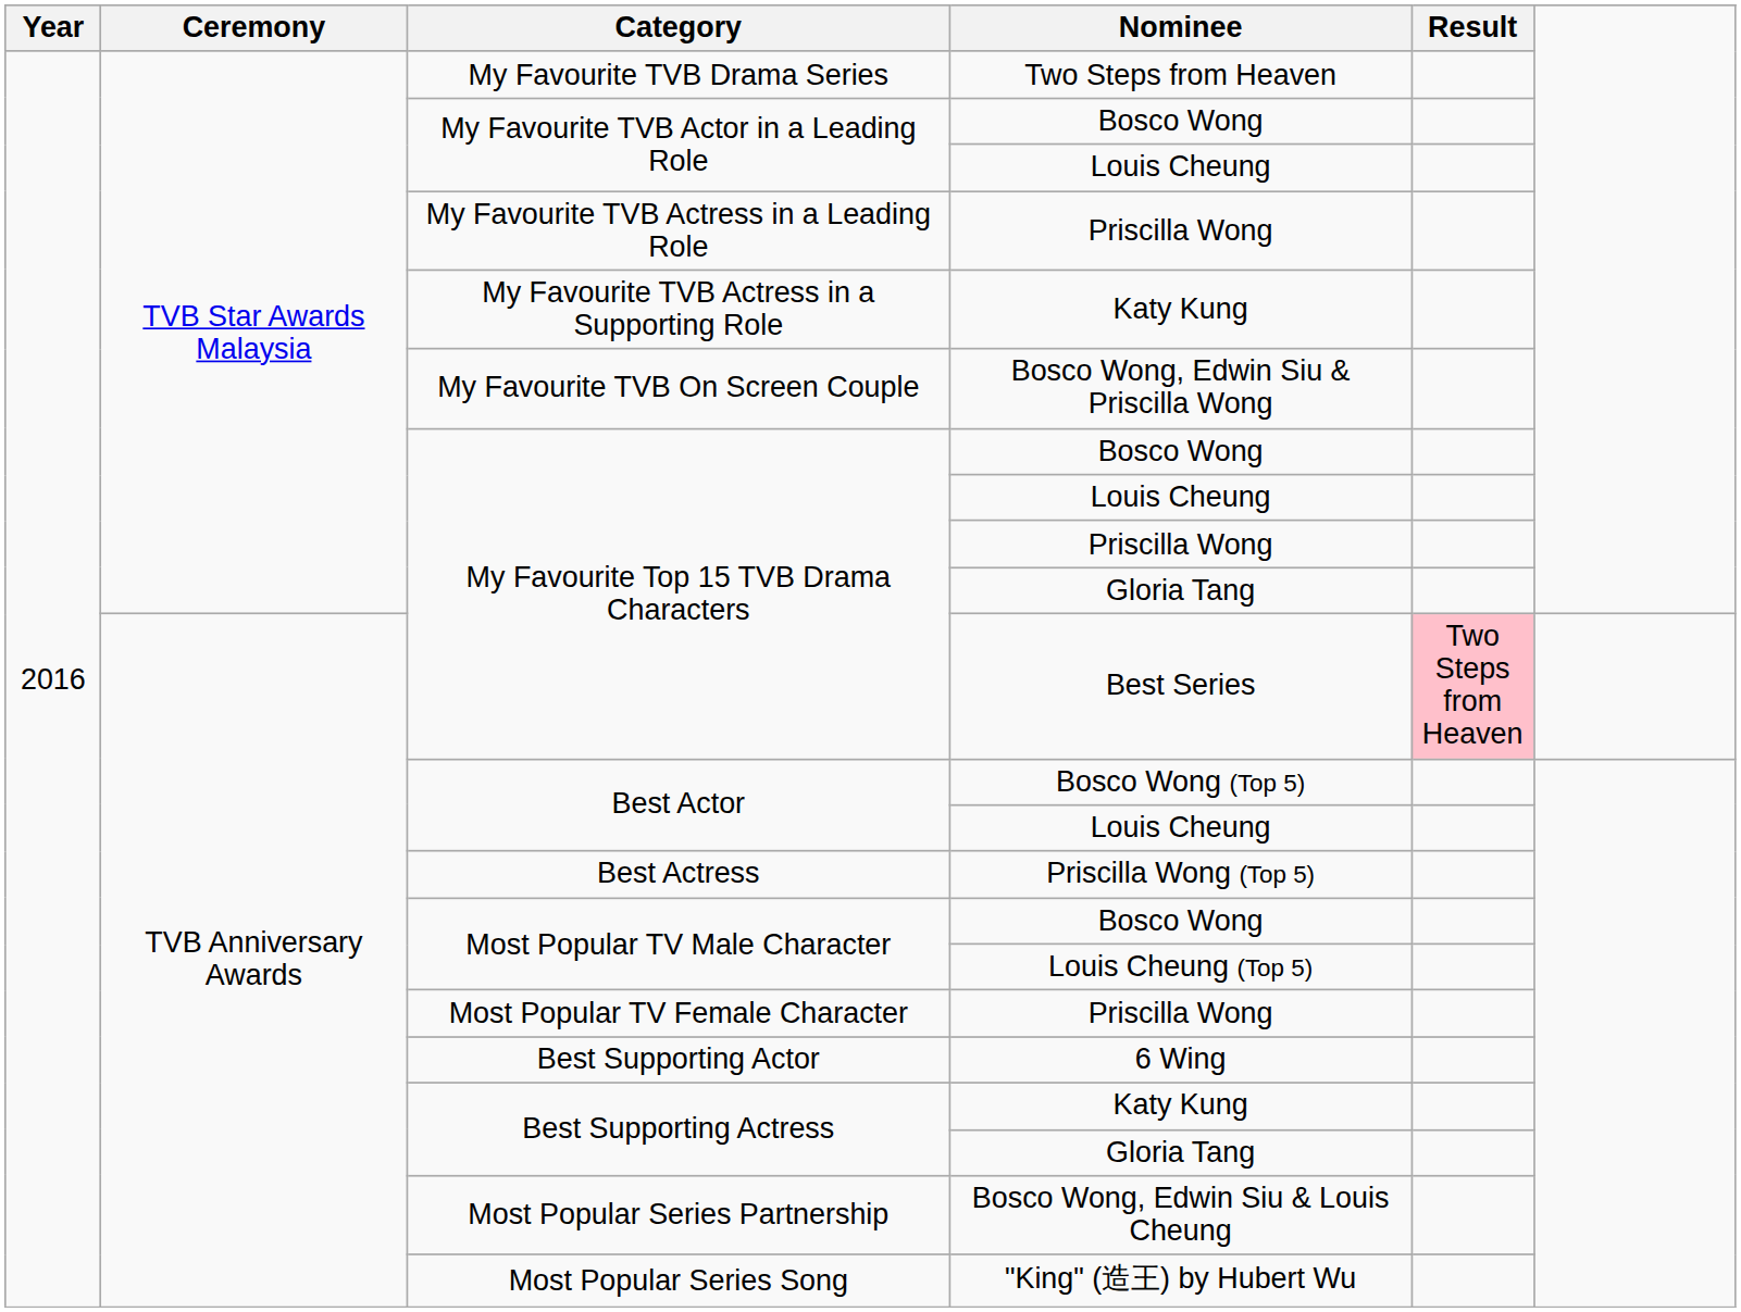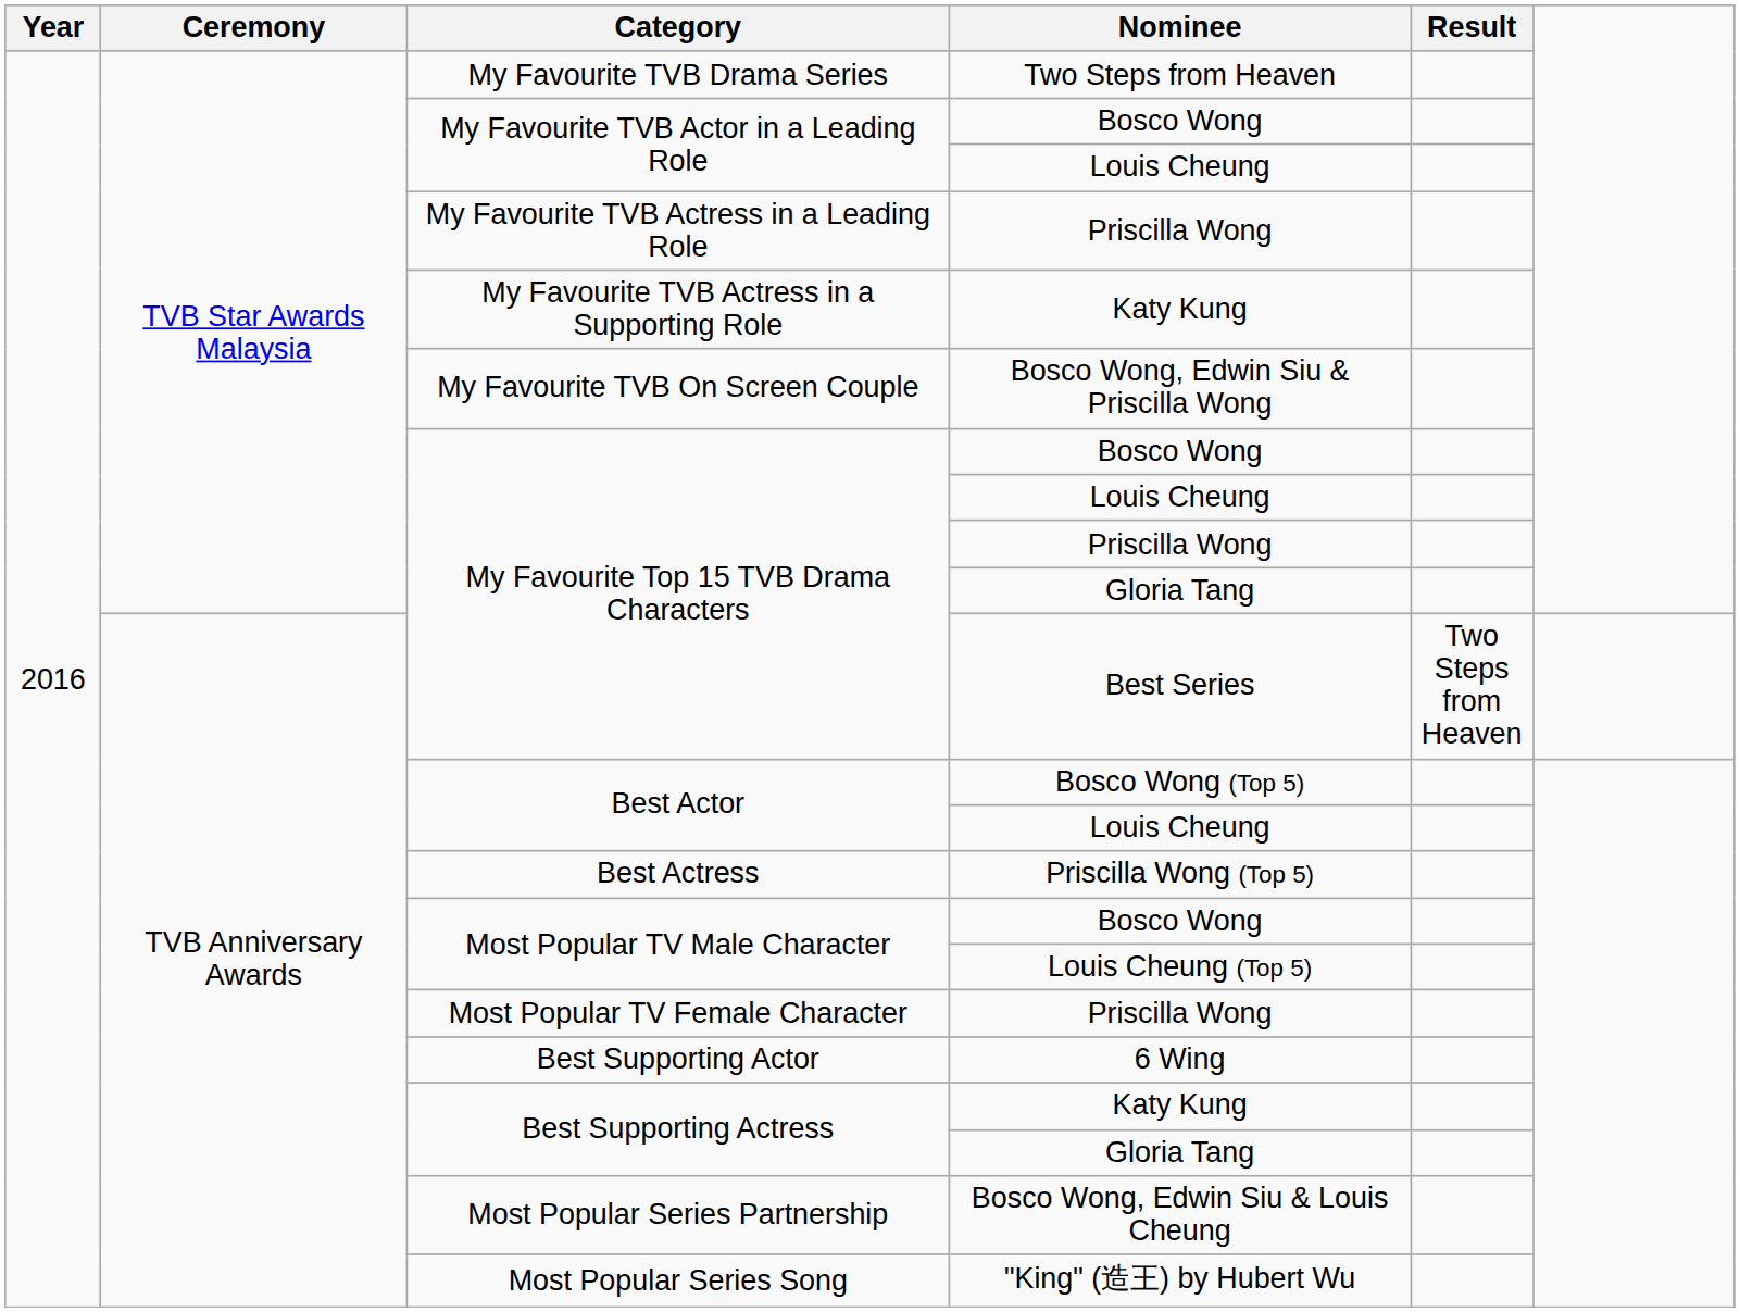 <table class="wikitable" style="width:75%;">
 <tr>
 <th style="width:45px;">Year</th>
 <th style="width:160px;">Ceremony</th>
 <th style="width:290px;">Category</th>
 <th style="width:245px;">Nominee</th>
 <th style="width:60px;">Result</th>
 </tr>
 <tr>
 <td align="center" rowspan=31>2016</td>
 <td align="center" rowspan=10><a href='#'>TVB Star Awards Malaysia</a></td>
 <td align="center">My Favourite TVB Drama Series</td>
 <td align="center">Two Steps from Heaven</td>
 <td></td>
 </tr>
 <tr>
 <td rowspan=2 align="center">My Favourite TVB Actor in a Leading Role</td>
 <td align="center">Bosco Wong</td>
 <td></td>
 </tr>
 <tr>
 <td align="center">Louis Cheung</td>
 <td></td>
 </tr>
 <tr>
 <td align="center">My Favourite TVB Actress in a Leading Role</td>
 <td align="center">Priscilla Wong</td>
 <td></td>
 </tr>
 <tr>
 <td align="center">My Favourite TVB Actress in a Supporting Role</td>
 <td align="center">Katy Kung</td>
 <td></td>
 </tr>
 <tr>
 <td align="center">My Favourite TVB On Screen Couple</td>
 <td align="center">Bosco Wong, Edwin Siu & Priscilla Wong</td>
 <td></td>
 </tr>
 <tr>
 <td rowspan=5 align="center">My Favourite Top 15 TVB Drama Characters</td>
 <td align="center">Bosco Wong</td>
 <td></td>
 </tr>
 <tr>
 <td align="center">Louis Cheung</td>
 <td></td>
 </tr>
 <tr>
 <td align="center">Priscilla Wong</td>
 <td></td>
 </tr>
 <tr>
 <td align="center">Gloria Tang</td>
 <td></td>
 </tr>
 <tr>
 <td align="center" rowspan=12>TVB Anniversary Awards</td>
 <td align="center">Best Series</td>
-<td align="center" style="background: pink;">Two Steps from Heaven</td>
+<td align="center">Two Steps from Heaven</td>
 <td></td>
 </tr>
 <tr>
 <td rowspan=2 align="center">Best Actor</td>
 <td align="center">Bosco Wong <small>(Top 5)</small></td>
 <td></td>
 </tr>
 <tr>
 <td align="center">Louis Cheung</td>
 <td></td>
 </tr>
 <tr>
 <td align="center">Best Actress</td>
 <td align="center">Priscilla Wong <small>(Top 5)</small></td>
 <td></td>
 </tr>
 <tr>
 <td rowspan=2 align="center">Most Popular TV Male Character</td>
 <td align="center">Bosco Wong</td>
 <td></td>
 </tr>
 <tr>
 <td align="center">Louis Cheung <small>(Top 5)</small></td>
 <td></td>
 </tr>
 <tr>
 <td align="center">Most Popular TV Female Character</td>
 <td align="center">Priscilla Wong</td>
 <td></td>
 </tr>
 <tr>
 <td align="center">Best Supporting Actor</td>
 <td align="center">6 Wing</td>
 <td></td>
 </tr>
 <tr>
 <td rowspan=2 align="center">Best Supporting Actress</td>
 <td align="center">Katy Kung</td>
 <td></td>
 </tr>
 <tr>
 <td align="center">Gloria Tang</td>
 <td></td>
 </tr>
 <tr>
 <td align="center">Most Popular Series Partnership</td>
 <td align="center">Bosco Wong, Edwin Siu & Louis Cheung</td>
 <td></td>
 </tr>
 <tr>
 <td align="center">Most Popular Series Song</td>
 <td align="center">"King" (造王) by Hubert Wu</td>
 <td></td>
 </tr>
 <tr>
 </tr>
 </table>
